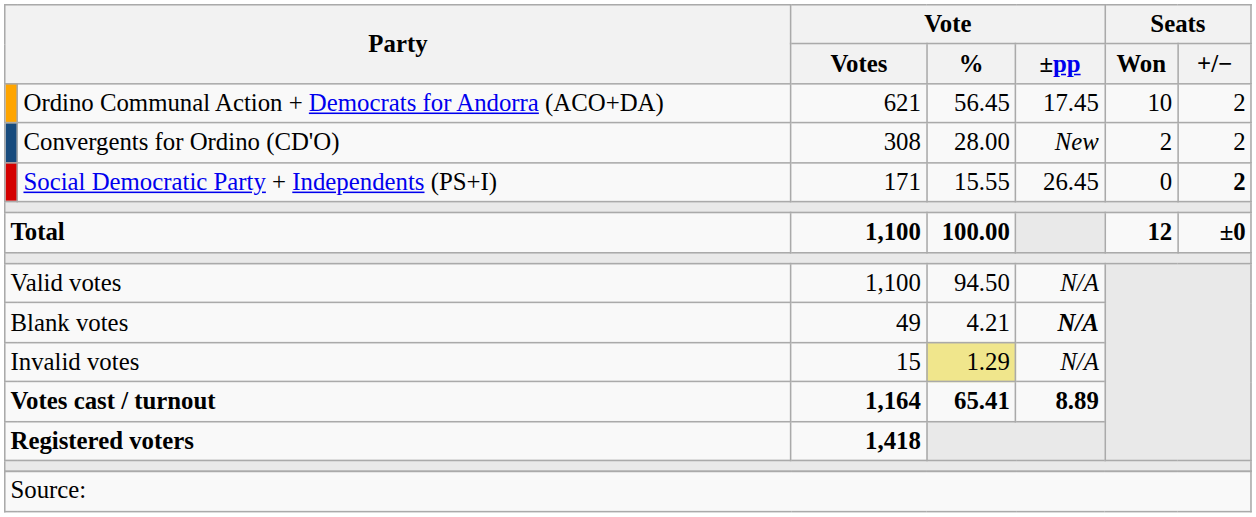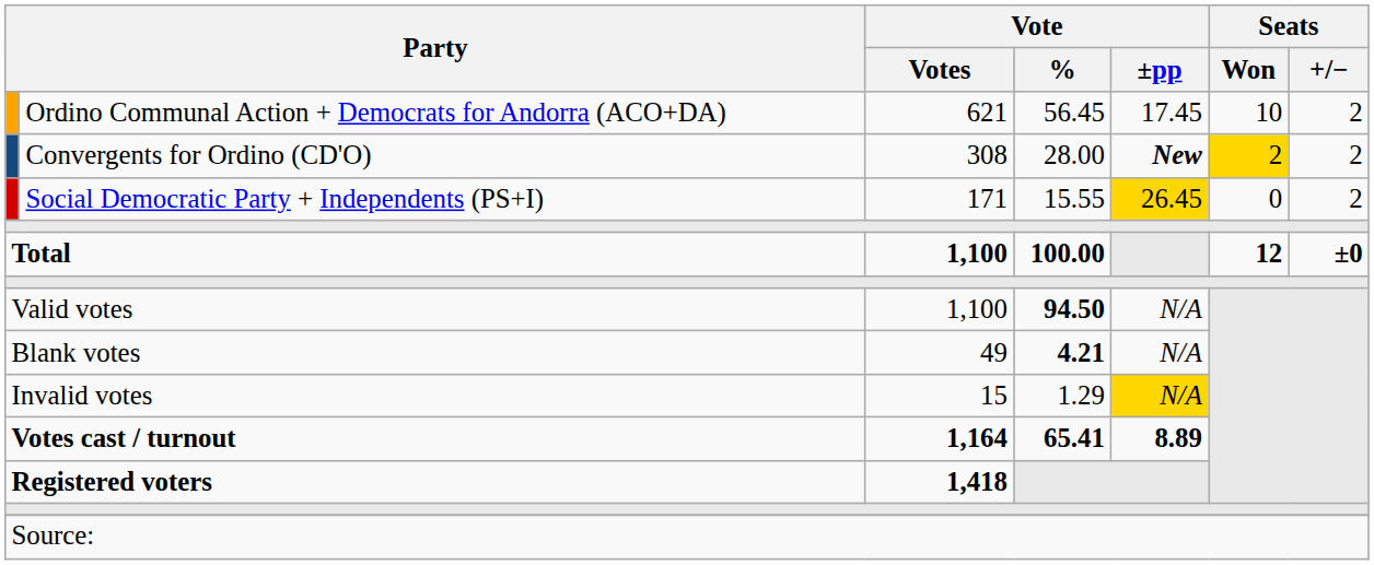 <table class="wikitable" style="text-align:right; font-size:100%; margin-bottom:0">
 <tr>
 <th align="left" rowspan="2" colspan="2" width="500">Party</th>
 <th colspan="3">Vote</th>
 <th colspan="2">Seats</th>
 </tr>
 <tr>
 <th width="80">Votes</th>
 <th width="50">%</th>
 <th width="50">±<a href='#'>pp</a></th>
 <th width="40">Won</th>
 <th width="40">+/−</th>
 </tr>
 <tr>
 <td width="1" bgcolor="orange"></td>
 <td align="left">Ordino Communal Action + <a href='#'>Democrats for Andorra</a> (ACO+DA)</td>
 <td>621</td>
 <td>56.45</td>
 <td>17.45</td>
 <td>10</td>
 <td>2</td>
 </tr>
 <tr>
 <td width="1" style="color:inherit;background:#174A7C"></td>
 <td align="left">Convergents for Ordino (CD'O)</td>
 <td>308</td>
 <td>28.00</td>
-<td><em>New</em></td>
-<td>2</td>
+<td><strong><em>New</em></strong></td>
+<td style="background: gold;">2</td>
 <td>2</td>
 </tr>
 <tr>
 <td width="1" style="color:inherit;background:#D40000"></td>
 <td align="left"><a href='#'>Social Democratic Party</a> + <a href='#'>Independents</a> (PS+I)</td>
 <td>171</td>
 <td>15.55</td>
-<td>26.45</td>
+<td style="background: gold;">26.45</td>
 <td>0</td>
-<td><strong>2</strong></td>
+<td>2</td>
 </tr>
 <tr>
 <td colspan="7" bgcolor="#E9E9E9"></td>
 </tr>
 <tr style="font-weight:bold;">
 <td align="left" colspan="2">Total</td>
 <td>1,100</td>
 <td>100.00</td>
 <td bgcolor="#E9E9E9"></td>
 <td>12</td>
 <td>±0</td>
 </tr>
 <tr>
 <td colspan="7" bgcolor="#E9E9E9"></td>
 </tr>
 <tr>
 <td align="left" colspan="2">Valid votes</td>
 <td>1,100</td>
-<td>94.50</td>
+<td><strong>94.50</strong></td>
 <td><em>N/A</em></td>
 <td bgcolor="#E9E9E9" colspan="2" rowspan="5"></td>
 </tr>
 <tr>
 <td align="left" colspan="2">Blank votes</td>
 <td>49</td>
-<td>4.21</td>
-<td><strong><em>N/A</em></strong></td>
+<td><strong>4.21</strong></td>
+<td><em>N/A</em></td>
 </tr>
 <tr>
 <td align="left" colspan="2">Invalid votes</td>
 <td>15</td>
-<td style="background: khaki;">1.29</td>
-<td><em>N/A</em></td>
+<td>1.29</td>
+<td style="background: gold;"><em>N/A</em></td>
 </tr>
 <tr style="font-weight:bold;">
 <td align="left" colspan="2">Votes cast / turnout</td>
 <td>1,164</td>
 <td>65.41</td>
 <td>8.89</td>
 </tr>
 <tr style="font-weight:bold;">
 <td align="left" colspan="2">Registered voters</td>
 <td>1,418</td>
 <td bgcolor="#E9E9E9" colspan="2"></td>
 </tr>
 <tr>
 <td colspan="7" bgcolor="#E9E9E9"></td>
 </tr>
 <tr>
 </tr>
 <tr>
 <td align="left" colspan="7">Source: </td>
 </tr>
 </table>
